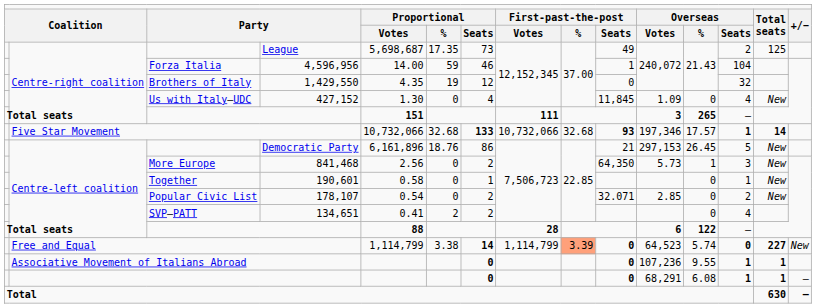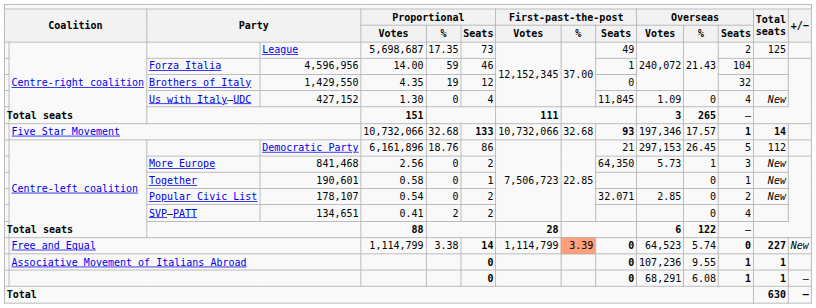 <table class="wikitable" style="text-align:right">
 <tr>
 <td colspan="15"></td>
 </tr>
 <tr>
 <th colspan="2" rowspan="2">Coalition</th>
 <th colspan=2 rowspan=2>Party</th>
 <th colspan="3" style="text-align:center; vertical-align:top;">Proportional</th>
 <th colspan="3" style="text-align:center; vertical-align:top;">First-past-the-post</th>
 <th colspan="3" style="text-align:center; vertical-align:top;">Overseas</th>
 <th style="text-align:center;" rowspan="2">Total<br>seats</th>
 <th style="text-align:center;" rowspan="2">+/−</th>
 </tr>
 <tr>
 <th style="text-align:center; vertical-align:bottom;">Votes</th>
 <th style="text-align:center; vertical-align:bottom;">%</th>
 <th style="text-align:center; vertical-align:bottom;">Seats</th>
 <th style="text-align:center; vertical-align:bottom;">Votes</th>
 <th style="text-align:center; vertical-align:bottom;">%</th>
 <th style="text-align:center; vertical-align:bottom;">Seats</th>
 <th style="text-align:center; vertical-align:bottom;">Votes</th>
 <th style="text-align:center; vertical-align:bottom;">%</th>
 <th style="text-align:center; vertical-align:bottom;">Seats</th>
 </tr>
 <tr>
 <td></td>
 <td style="text-align:left;" rowspan="5"><a href='#'>Centre-right coalition</a></td>
 <td></td>
 <td align=left><a href='#'>League</a></td>
 <td>5,698,687</td>
 <td>17.35</td>
 <td>73</td>
 <td rowspan="4">12,152,345</td>
 <td rowspan="4">37.00</td>
 <td>49</td>
 <td rowspan="3">240,072</td>
 <td rowspan="3">21.43</td>
 <td>2</td>
 <td>125</td>
 <td></td>
 </tr>
 <tr>
 <td></td>
 <td align=left><a href='#'>Forza Italia</a></td>
 <td>4,596,956</td>
 <td>14.00</td>
 <td>59</td>
 <td>46</td>
 <td>1</td>
 <td>104</td>
 <td></td>
 </tr>
 <tr>
 <td></td>
 <td align=left><a href='#'>Brothers of Italy</a></td>
 <td>1,429,550</td>
 <td>4.35</td>
 <td>19</td>
 <td>12</td>
 <td>0</td>
 <td>32</td>
 <td></td>
 </tr>
 <tr>
 <td></td>
 <td align=left><a href='#'>Us with Italy</a>–<a href='#'>UDC</a></td>
 <td>427,152</td>
 <td>1.30</td>
 <td>0</td>
 <td>4</td>
 <td>11,845</td>
 <td>1.09</td>
 <td>0</td>
 <td>4</td>
 <td><em>New</em></td>
 </tr>
 <tr>
 <td colspan="4" style="text-align:left;"><strong>Total seats</strong></td>
 <td><strong>151</strong></td>
 <td colspan="2"></td>
 <td><strong>111</strong></td>
 <td colspan="2"></td>
 <td><strong>3</strong></td>
 <td><strong>265</strong></td>
 <td>–</td>
 </tr>
 <tr>
 <td style="background:"></td>
 <td colspan="3" style="text-align:left;"><a href='#'>Five Star Movement</a></td>
 <td>10,732,066</td>
 <td>32.68</td>
 <td><strong>133</strong></td>
 <td>10,732,066</td>
 <td>32.68</td>
 <td><strong>93</strong></td>
 <td>197,346</td>
 <td>17.57</td>
 <td><strong>1</strong></td>
 <td><strong>14</strong></td>
 <td></td>
 </tr>
 <tr>
 <td></td>
 <td rowspan=6 style="text-align:left;"><a href='#'>Centre-left coalition</a></td>
 <td></td>
 <td style="text-align:left;"><a href='#'>Democratic Party</a></td>
 <td>6,161,896</td>
 <td>18.76</td>
 <td>86</td>
 <td rowspan="5">7,506,723</td>
 <td rowspan="5">22.85</td>
 <td>21</td>
 <td>297,153</td>
 <td>26.45</td>
 <td>5</td>
-<td><em>New</em></td>
+<td>112</td>
 <td></td>
 </tr>
 <tr>
 <td></td>
 <td style="text-align:left;"><a href='#'>More Europe</a></td>
 <td>841,468</td>
 <td>2.56</td>
 <td>0</td>
 <td>2</td>
 <td>64,350</td>
 <td>5.73</td>
 <td>1</td>
 <td>3</td>
 <td><em>New</em></td>
 </tr>
 <tr>
 <td></td>
 <td style="text-align:left;"><a href='#'>Together</a></td>
 <td>190,601</td>
 <td>0.58</td>
 <td>0</td>
 <td>1</td>
 <td></td>
 <td></td>
 <td>0</td>
 <td>1</td>
 <td><em>New</em></td>
 </tr>
 <tr>
 <td></td>
 <td style="text-align:left;"><a href='#'>Popular Civic List</a></td>
 <td>178,107</td>
 <td>0.54</td>
 <td>0</td>
 <td>2</td>
 <td>32.071</td>
 <td>2.85</td>
 <td>0</td>
 <td>2</td>
 <td><em>New</em></td>
 </tr>
 <tr>
 <td></td>
 <td style="text-align:left;"><a href='#'>SVP</a>–<a href='#'>PATT</a></td>
 <td>134,651</td>
 <td>0.41</td>
 <td>2</td>
 <td>2</td>
 <td></td>
 <td></td>
 <td>0</td>
 <td>4</td>
 <td></td>
 </tr>
 <tr>
 <td colspan="4" style="text-align:left;"><strong>Total seats</strong></td>
 <td><strong>88</strong></td>
 <td colspan="2"></td>
 <td><strong>28</strong></td>
 <td colspan="2"></td>
 <td><strong>6</strong></td>
 <td><strong>122</strong></td>
 <td>–</td>
 </tr>
 <tr>
 <td style="background:"></td>
 <td colspan="3" style="text-align:left;"><a href='#'>Free and Equal</a></td>
 <td>1,114,799</td>
 <td>3.38</td>
 <td><strong>14</strong></td>
 <td>1,114,799</td>
 <td style="background: lightsalmon;">3.39</td>
 <td><strong>0</strong></td>
 <td>64,523</td>
 <td>5.74</td>
 <td><strong>0</strong></td>
 <td><strong>227</strong></td>
 <td><em>New</em></td>
 </tr>
 <tr>
 <td></td>
 <td colspan="3" style="text-align:left;"><a href='#'>Associative Movement of Italians Abroad</a></td>
 <td></td>
 <td></td>
 <td><strong>0</strong></td>
 <td></td>
 <td></td>
 <td><strong>0</strong></td>
 <td>107,236</td>
 <td>9.55</td>
 <td><strong>1</strong></td>
 <td><strong>1</strong></td>
 <td></td>
 </tr>
 <tr>
 <td></td>
 <td colspan="3" style="text-align:left;"></td>
 <td></td>
 <td></td>
 <td><strong>0</strong></td>
 <td></td>
 <td></td>
 <td><strong>0</strong></td>
 <td>68,291</td>
 <td>6.08</td>
 <td><strong>1</strong></td>
 <td><strong>1</strong></td>
 <td>–</td>
 </tr>
 <tr>
 <td colspan="13" style="text-align:left;"><strong>Total</strong></td>
 <td><strong>630</strong></td>
 <td><strong> – </strong></td>
 </tr>
 </table>
